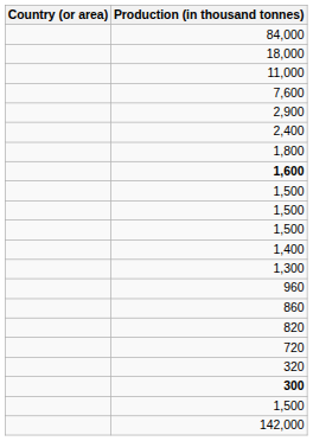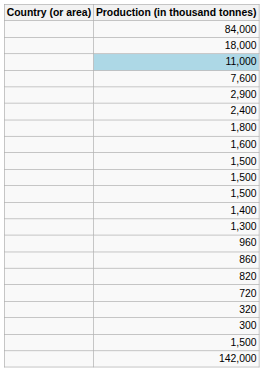 <table class="wikitable sortable static-row-numbers" style="text-align:right;">
 <tr class="static-row-header" style="text-align:center;vertical-align:bottom;">
 <th>Country (or area)</th>
 <th>Production (in thousand tonnes)</th>
 </tr>
 <tr>
 <td></td>
 <td>84,000</td>
 </tr>
 <tr>
 <td></td>
 <td>18,000</td>
 </tr>
 <tr>
 <td></td>
-<td>11,000</td>
+<td style="background: lightblue;">11,000</td>
 </tr>
 <tr>
 <td></td>
 <td>7,600</td>
 </tr>
 <tr>
 <td></td>
 <td>2,900</td>
 </tr>
 <tr>
 <td></td>
 <td>2,400</td>
 </tr>
 <tr>
 <td></td>
 <td>1,800</td>
 </tr>
 <tr>
 <td></td>
-<td><strong>1,600</strong></td>
+<td>1,600</td>
 </tr>
 <tr>
 <td></td>
 <td>1,500</td>
 </tr>
 <tr>
 <td></td>
 <td>1,500</td>
 </tr>
 <tr>
 <td></td>
 <td>1,500</td>
 </tr>
 <tr>
 <td></td>
 <td>1,400</td>
 </tr>
 <tr>
 <td></td>
 <td>1,300</td>
 </tr>
 <tr>
 <td></td>
 <td>960</td>
 </tr>
 <tr>
 <td></td>
 <td>860</td>
 </tr>
 <tr>
 <td></td>
 <td>820</td>
 </tr>
 <tr>
 <td></td>
 <td>720</td>
 </tr>
 <tr>
 <td></td>
 <td>320</td>
 </tr>
 <tr>
 <td></td>
-<td><strong>300</strong></td>
+<td>300</td>
 </tr>
 <tr>
 <td style=text-align:left></td>
 <td>1,500</td>
 </tr>
 <tr>
 <td style=text-align:left></td>
 <td>142,000</td>
 </tr>
 </table>
